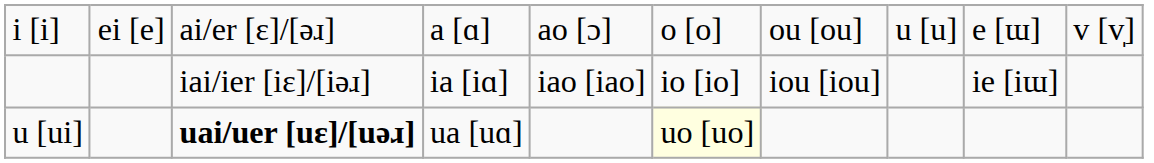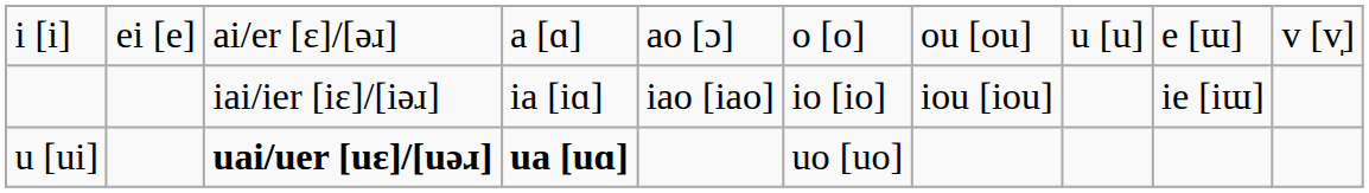 <table class="wikitable">
 <tr>
 <td>i [i]</td>
 <td>ei [e]</td>
 <td>ai/er [ɛ]/[əɹ]</td>
 <td>a [ɑ]</td>
 <td>ao [ɔ]</td>
 <td>o [o]</td>
 <td>ou [ou]</td>
 <td>u [u]</td>
 <td>e [ɯ]</td>
 <td>v [v̩]</td>
 </tr>
 <tr>
 <td></td>
 <td></td>
 <td>iai/ier [iɛ]/[iəɹ]</td>
 <td>ia [iɑ]</td>
 <td>iao [iao]</td>
 <td>io [io]</td>
 <td>iou [iou]</td>
 <td></td>
 <td>ie [iɯ]</td>
 <td></td>
 </tr>
 <tr>
 <td>u [ui]</td>
 <td></td>
 <td><strong>uai/uer [uɛ]/[uəɹ]</strong></td>
-<td>ua [uɑ]</td>
+<td><strong>ua [uɑ]</strong></td>
 <td></td>
-<td style="background: lightyellow;">uo [uo]</td>
+<td>uo [uo]</td>
 <td></td>
 <td></td>
 <td></td>
 <td></td>
 </tr>
 </table>
